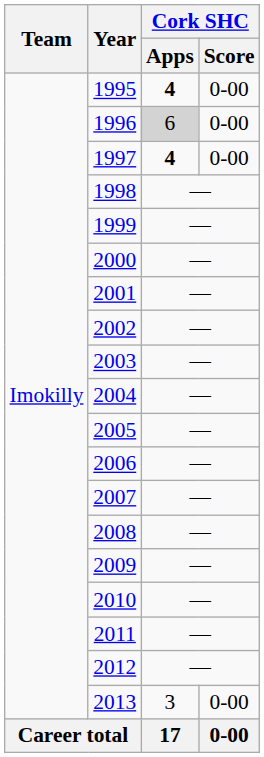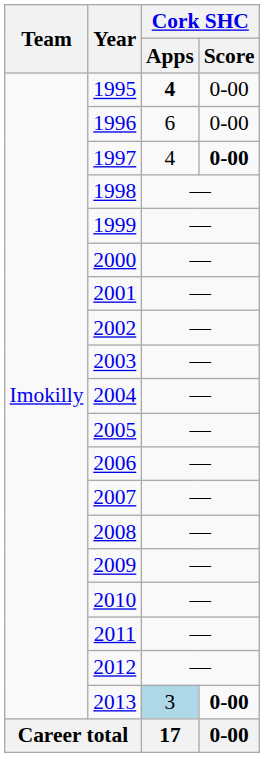 <table class="wikitable" style="text-align:center">
 <tr>
 <th rowspan="2">Team</th>
 <th rowspan="2">Year</th>
 <th colspan="2"><a href='#'>Cork SHC</a></th>
 </tr>
 <tr>
 <th>Apps</th>
 <th>Score</th>
 </tr>
 <tr>
 <td rowspan="19"><a href='#'>Imokilly</a></td>
 <td><a href='#'>1995</a></td>
 <td><strong>4</strong></td>
 <td>0-00</td>
 </tr>
 <tr>
 <td><a href='#'>1996</a></td>
-<td style="background: lightgrey;">6</td>
+<td>6</td>
 <td>0-00</td>
 </tr>
 <tr>
 <td><a href='#'>1997</a></td>
-<td><strong>4</strong></td>
-<td>0-00</td>
+<td>4</td>
+<td><strong>0-00</strong></td>
 </tr>
 <tr>
 <td><a href='#'>1998</a></td>
 <td colspan=2>—</td>
 </tr>
 <tr>
 <td><a href='#'>1999</a></td>
 <td colspan=2>—</td>
 </tr>
 <tr>
 <td><a href='#'>2000</a></td>
 <td colspan=2>—</td>
 </tr>
 <tr>
 <td><a href='#'>2001</a></td>
 <td colspan=2>—</td>
 </tr>
 <tr>
 <td><a href='#'>2002</a></td>
 <td colspan=2>—</td>
 </tr>
 <tr>
 <td><a href='#'>2003</a></td>
 <td colspan=2>—</td>
 </tr>
 <tr>
 <td><a href='#'>2004</a></td>
 <td colspan=2>—</td>
 </tr>
 <tr>
 <td><a href='#'>2005</a></td>
 <td colspan=2>—</td>
 </tr>
 <tr>
 <td><a href='#'>2006</a></td>
 <td colspan=2>—</td>
 </tr>
 <tr>
 <td><a href='#'>2007</a></td>
 <td colspan=2>—</td>
 </tr>
 <tr>
 <td><a href='#'>2008</a></td>
 <td colspan=2>—</td>
 </tr>
 <tr>
 <td><a href='#'>2009</a></td>
 <td colspan=2>—</td>
 </tr>
 <tr>
 <td><a href='#'>2010</a></td>
 <td colspan=2>—</td>
 </tr>
 <tr>
 <td><a href='#'>2011</a></td>
 <td colspan=2>—</td>
 </tr>
 <tr>
 <td><a href='#'>2012</a></td>
 <td colspan=2>—</td>
 </tr>
 <tr>
 <td><a href='#'>2013</a></td>
-<td>3</td>
-<td>0-00</td>
+<td style="background: lightblue;">3</td>
+<td><strong>0-00</strong></td>
 </tr>
 <tr>
 <th colspan="2">Career total</th>
 <th>17</th>
 <th>0-00</th>
 </tr>
 </table>
